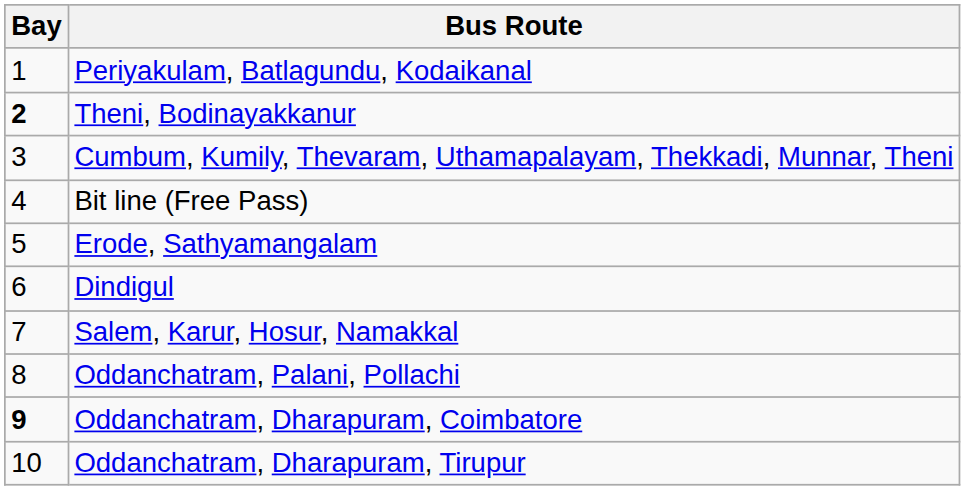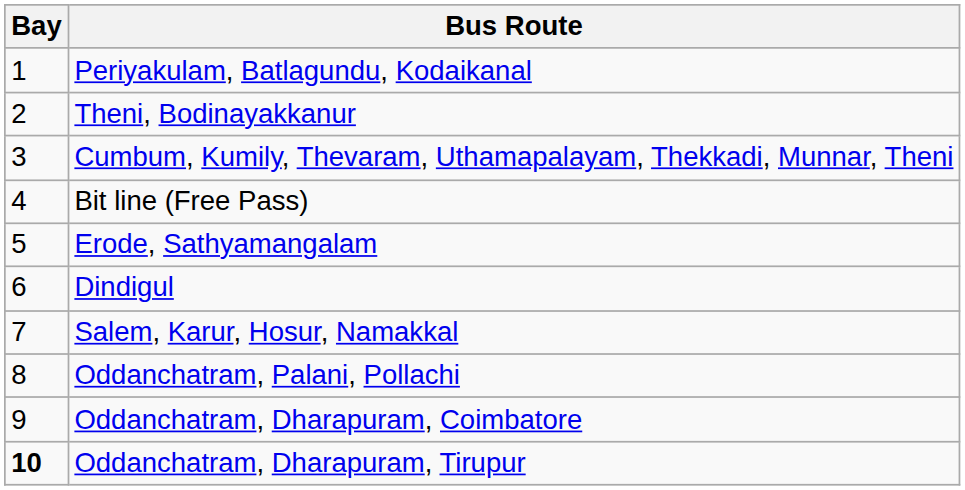 <table class ="wikitable">
 <tr>
 <th>Bay</th>
 <th>Bus Route</th>
 </tr>
 <tr>
 <td>1</td>
 <td><a href='#'>Periyakulam</a>, <a href='#'>Batlagundu</a>, <a href='#'>Kodaikanal</a></td>
 </tr>
 <tr>
-<td><strong>2</strong></td>
+<td>2</td>
 <td><a href='#'>Theni</a>, <a href='#'>Bodinayakkanur</a></td>
 </tr>
 <tr>
 <td>3</td>
 <td><a href='#'>Cumbum</a>, <a href='#'>Kumily</a>, <a href='#'>Thevaram</a>, <a href='#'>Uthamapalayam</a>, <a href='#'>Thekkadi</a>, <a href='#'>Munnar</a>, <a href='#'>Theni</a></td>
 </tr>
 <tr>
 <td>4</td>
 <td>Bit line (Free Pass)</td>
 </tr>
 <tr>
 <td>5</td>
 <td><a href='#'>Erode</a>, <a href='#'>Sathyamangalam</a></td>
 </tr>
 <tr>
 <td>6</td>
 <td><a href='#'>Dindigul</a></td>
 </tr>
 <tr>
 <td>7</td>
 <td><a href='#'>Salem</a>, <a href='#'>Karur</a>, <a href='#'>Hosur</a>, <a href='#'>Namakkal</a></td>
 </tr>
 <tr>
 <td>8</td>
 <td><a href='#'>Oddanchatram</a>, <a href='#'>Palani</a>, <a href='#'>Pollachi</a></td>
 </tr>
 <tr>
-<td><strong>9</strong></td>
+<td>9</td>
 <td><a href='#'>Oddanchatram</a>, <a href='#'>Dharapuram</a>, <a href='#'>Coimbatore</a></td>
 </tr>
 <tr>
-<td>10</td>
+<td><strong>10</strong></td>
 <td><a href='#'>Oddanchatram</a>, <a href='#'>Dharapuram</a>, <a href='#'>Tirupur</a></td>
 </tr>
 </table>
